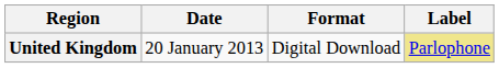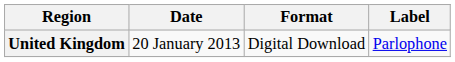 <table class="wikitable sortable plainrowheaders">
 <tr>
 <th scope="col">Region</th>
 <th scope="col">Date</th>
 <th scope="col">Format</th>
 <th scope="col">Label</th>
 </tr>
 <tr>
 <th scope="row">United Kingdom</th>
 <td>20 January 2013</td>
 <td>Digital Download</td>
-<td style="background: khaki;"><a href='#'>Parlophone</a></td>
+<td><a href='#'>Parlophone</a></td>
 </tr>
 <tr>
 </tr>
 </table>
